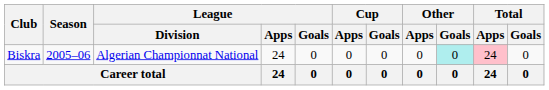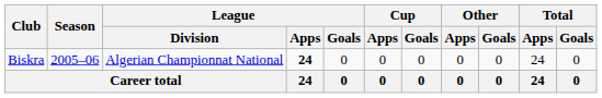 <table class="wikitable" style="text-align: center">
 <tr>
 <th rowspan="2">Club</th>
 <th rowspan="2">Season</th>
 <th colspan="3">League</th>
 <th colspan="2">Cup</th>
 <th colspan="2">Other</th>
 <th colspan="2">Total</th>
 </tr>
 <tr>
 <th>Division</th>
 <th>Apps</th>
 <th>Goals</th>
 <th>Apps</th>
 <th>Goals</th>
 <th>Apps</th>
 <th>Goals</th>
 <th>Apps</th>
 <th>Goals</th>
 </tr>
 <tr>
 <td><a href='#'>Biskra</a></td>
 <td><a href='#'>2005–06</a></td>
 <td><a href='#'>Algerian Championnat National</a></td>
-<td>24</td>
+<td><strong>24</strong></td>
 <td>0</td>
 <td>0</td>
 <td>0</td>
 <td>0</td>
-<td style="background: paleturquoise;">0</td>
-<td style="background: pink;">24</td>
+<td>0</td>
+<td>24</td>
 <td>0</td>
 </tr>
 <tr>
 <th colspan="3">Career total</th>
 <th>24</th>
 <th>0</th>
 <th>0</th>
 <th>0</th>
 <th>0</th>
 <th>0</th>
 <th>24</th>
 <th>0</th>
 </tr>
 </table>
